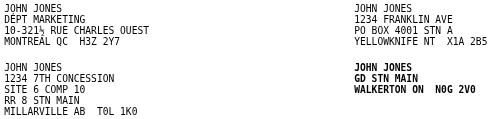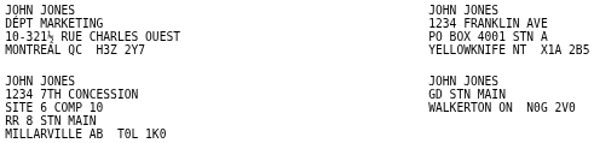 <table width=75% style="font-family: monospace;">
 <tr>
 <td width=50% valign=top>JOHN JONES<br>DÉPT MARKETING<br>10-321½ RUE CHARLES OUEST<br>MONTREAL QC  H3Z 2Y7<br> </td>
 <td width=50% valign=top>JOHN JONES<br>1234 FRANKLIN AVE<br>PO BOX 4001 STN A<br>YELLOWKNIFE NT  X1A 2B5</td>
 </tr>
 <tr>
 <td width=50% valign=top>JOHN JONES<br>1234 7TH CONCESSION<br>SITE 6 COMP 10<br>RR 8 STN MAIN<br>MILLARVILLE AB  T0L 1K0</td>
-<td width=50% valign=top><strong>JOHN JONES<br>GD STN MAIN<br>WALKERTON ON  N0G 2V0</strong></td>
+<td width=50% valign=top>JOHN JONES<br>GD STN MAIN<br>WALKERTON ON  N0G 2V0</td>
 </tr>
 </table>
